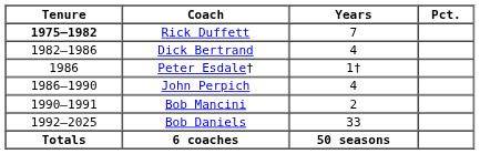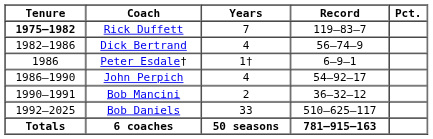 <table cellpadding="1" border="1" cellspacing="0" style="width:80%;">
 <tr>
 <th>Tenure</th>
 <th>Coach</th>
 <th>Years</th>
+<th>Record</th>
 <th>Pct.</th>
 </tr>
 <tr align="center">
 <td><strong>1975–1982</strong></td>
 <td><a href='#'>Rick Duffett</a></td>
 <td>7</td>
+<td>119–83–7</td>
 <td></td>
 </tr>
 <tr align="center">
 <td>1982–1986</td>
 <td><a href='#'>Dick Bertrand</a></td>
 <td>4</td>
+<td>56–74–9</td>
 <td></td>
 </tr>
 <tr align="center">
 <td>1986</td>
 <td><a href='#'>Peter Esdale</a>†</td>
 <td>1†</td>
+<td>6–9–1</td>
 <td></td>
 </tr>
 <tr align="center">
 <td>1986–1990</td>
 <td><a href='#'>John Perpich</a></td>
 <td>4</td>
+<td>54–92–17</td>
 <td></td>
 </tr>
 <tr align="center">
 <td>1990–1991</td>
 <td><a href='#'>Bob Mancini</a></td>
 <td>2</td>
+<td>36–32–12</td>
 <td></td>
 </tr>
 <tr align="center">
 <td>1992–2025</td>
 <td><a href='#'>Bob Daniels</a></td>
 <td>33</td>
+<td>510–625–117</td>
 <td></td>
 </tr>
 <tr align=center>
 <th>Totals</th>
 <th>6 coaches</th>
 <th>50 seasons</th>
+<th>781–915–163</th>
 <th></th>
 </tr>
 </table>
